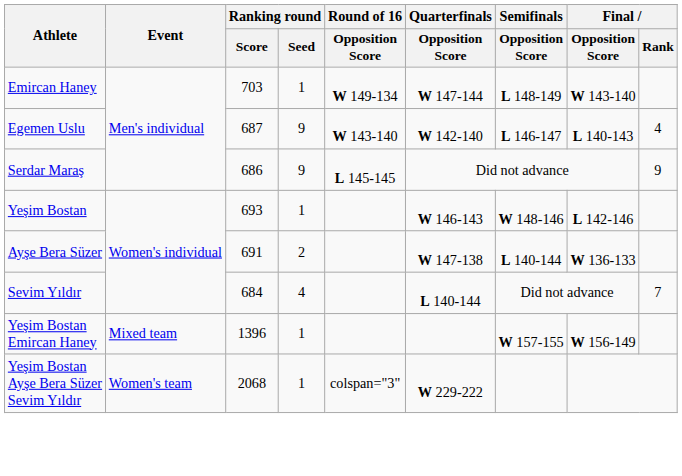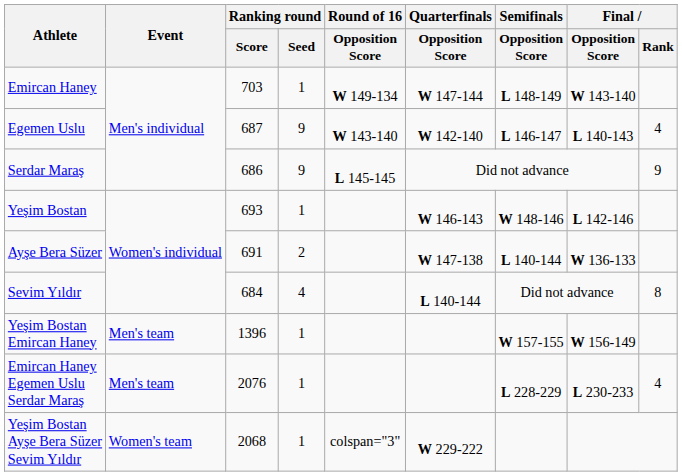 <table class=wikitable style=font-size:88%;text-align:center>
 <tr>
 <th rowspan=2>Athlete</th>
 <th rowspan=2>Event</th>
 <th colspan=2>Ranking round</th>
 <th>Round of 16</th>
 <th>Quarterfinals</th>
 <th>Semifinals</th>
 <th colspan=2>Final / </th>
 </tr>
 <tr style=font-size:95%>
 <th>Score</th>
 <th>Seed</th>
 <th>Opposition<br>Score</th>
 <th>Opposition<br>Score</th>
 <th>Opposition<br>Score</th>
 <th>Opposition<br>Score</th>
 <th>Rank</th>
 </tr>
 <tr>
 <td align=left><a href='#'>Emircan Haney</a></td>
 <td align=left rowspan=3><a href='#'>Men's individual</a></td>
 <td>703</td>
 <td>1</td>
 <td><br><strong>W</strong> 149-134</td>
 <td><br><strong>W</strong> 147-144</td>
 <td><br><strong>L</strong> 148-149</td>
 <td><br><strong>W</strong> 143-140</td>
 <td></td>
 </tr>
 <tr>
 <td align=left><a href='#'>Egemen Uslu</a></td>
 <td>687</td>
 <td>9</td>
 <td><br><strong>W</strong> 143-140</td>
 <td><br><strong>W</strong> 142-140</td>
 <td><br><strong>L</strong> 146-147</td>
 <td><br><strong>L</strong> 140-143</td>
 <td>4</td>
 </tr>
 <tr>
 <td align=left><a href='#'>Serdar Maraş</a></td>
 <td>686</td>
 <td>9</td>
 <td><br><strong>L</strong> 145-145</td>
 <td colspan="3">Did not advance</td>
 <td>9</td>
 </tr>
 <tr>
 <td align=left><a href='#'>Yeşim Bostan</a></td>
 <td align=left rowspan=3><a href='#'>Women's individual</a></td>
 <td>693</td>
 <td>1</td>
 <td></td>
 <td><br><strong>W</strong> 146-143</td>
 <td><br><strong>W</strong> 148-146</td>
 <td><br><strong>L</strong> 142-146</td>
 <td></td>
 </tr>
 <tr>
 <td align=left><a href='#'>Ayşe Bera Süzer</a></td>
 <td>691</td>
 <td>2</td>
 <td></td>
 <td><br><strong>W</strong> 147-138</td>
 <td><br><strong>L</strong> 140-144</td>
 <td><br><strong>W</strong> 136-133</td>
 <td></td>
 </tr>
 <tr>
 <td align=left><a href='#'>Sevim Yıldır</a></td>
 <td>684</td>
 <td>4</td>
 <td></td>
 <td><br><strong>L</strong> 140-144</td>
 <td colspan="2">Did not advance</td>
-<td>7</td>
+<td>8</td>
 </tr>
 <tr>
 <td align=left><a href='#'>Yeşim Bostan</a><br><a href='#'>Emircan Haney</a></td>
-<td align=left><a href='#'>Mixed team</a></td>
+<td align=left><a href='#'>Men's team</a></td>
 <td>1396</td>
 <td>1</td>
 <td></td>
 <td></td>
 <td><br><strong>W</strong> 157-155</td>
 <td><br><strong>W</strong> 156-149</td>
 <td></td>
+</tr>
+<tr>
+<td align=left><a href='#'>Emircan Haney</a><br><a href='#'>Egemen Uslu</a><br><a href='#'>Serdar Maraş</a></td>
+<td align=left><a href='#'>Men's team</a></td>
+<td>2076</td>
+<td>1</td>
+<td></td>
+<td></td>
+<td><br><strong>L</strong> 228-229</td>
+<td><br><strong>L</strong> 230-233</td>
+<td>4</td>
 </tr>
 <tr>
 <td align=left><a href='#'>Yeşim Bostan</a><br><a href='#'>Ayşe Bera Süzer</a><br><a href='#'>Sevim Yıldır</a></td>
 <td align=left><a href='#'>Women's team</a></td>
 <td>2068</td>
 <td>1</td>
 <td>colspan="3" </td>
 <td><br><strong>W</strong> 229-222</td>
 <td></td>
 </tr>
 </table>
